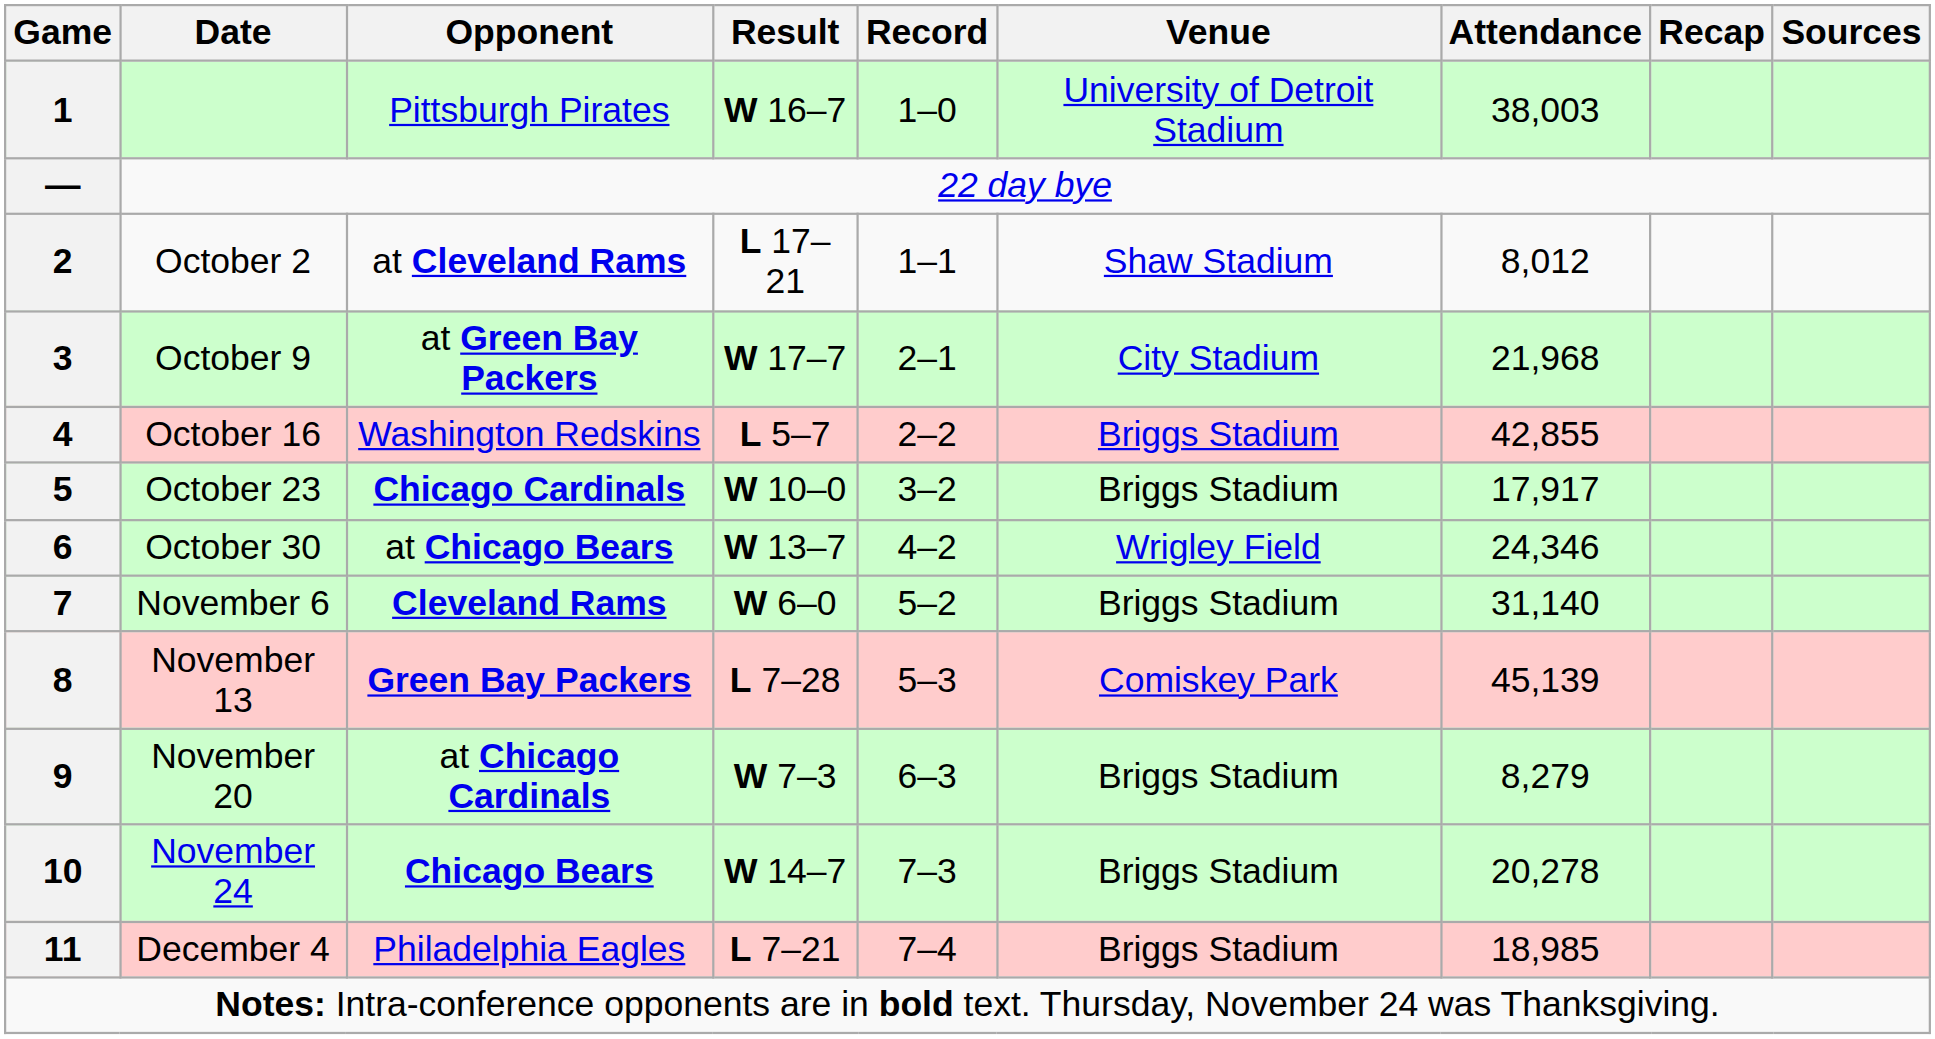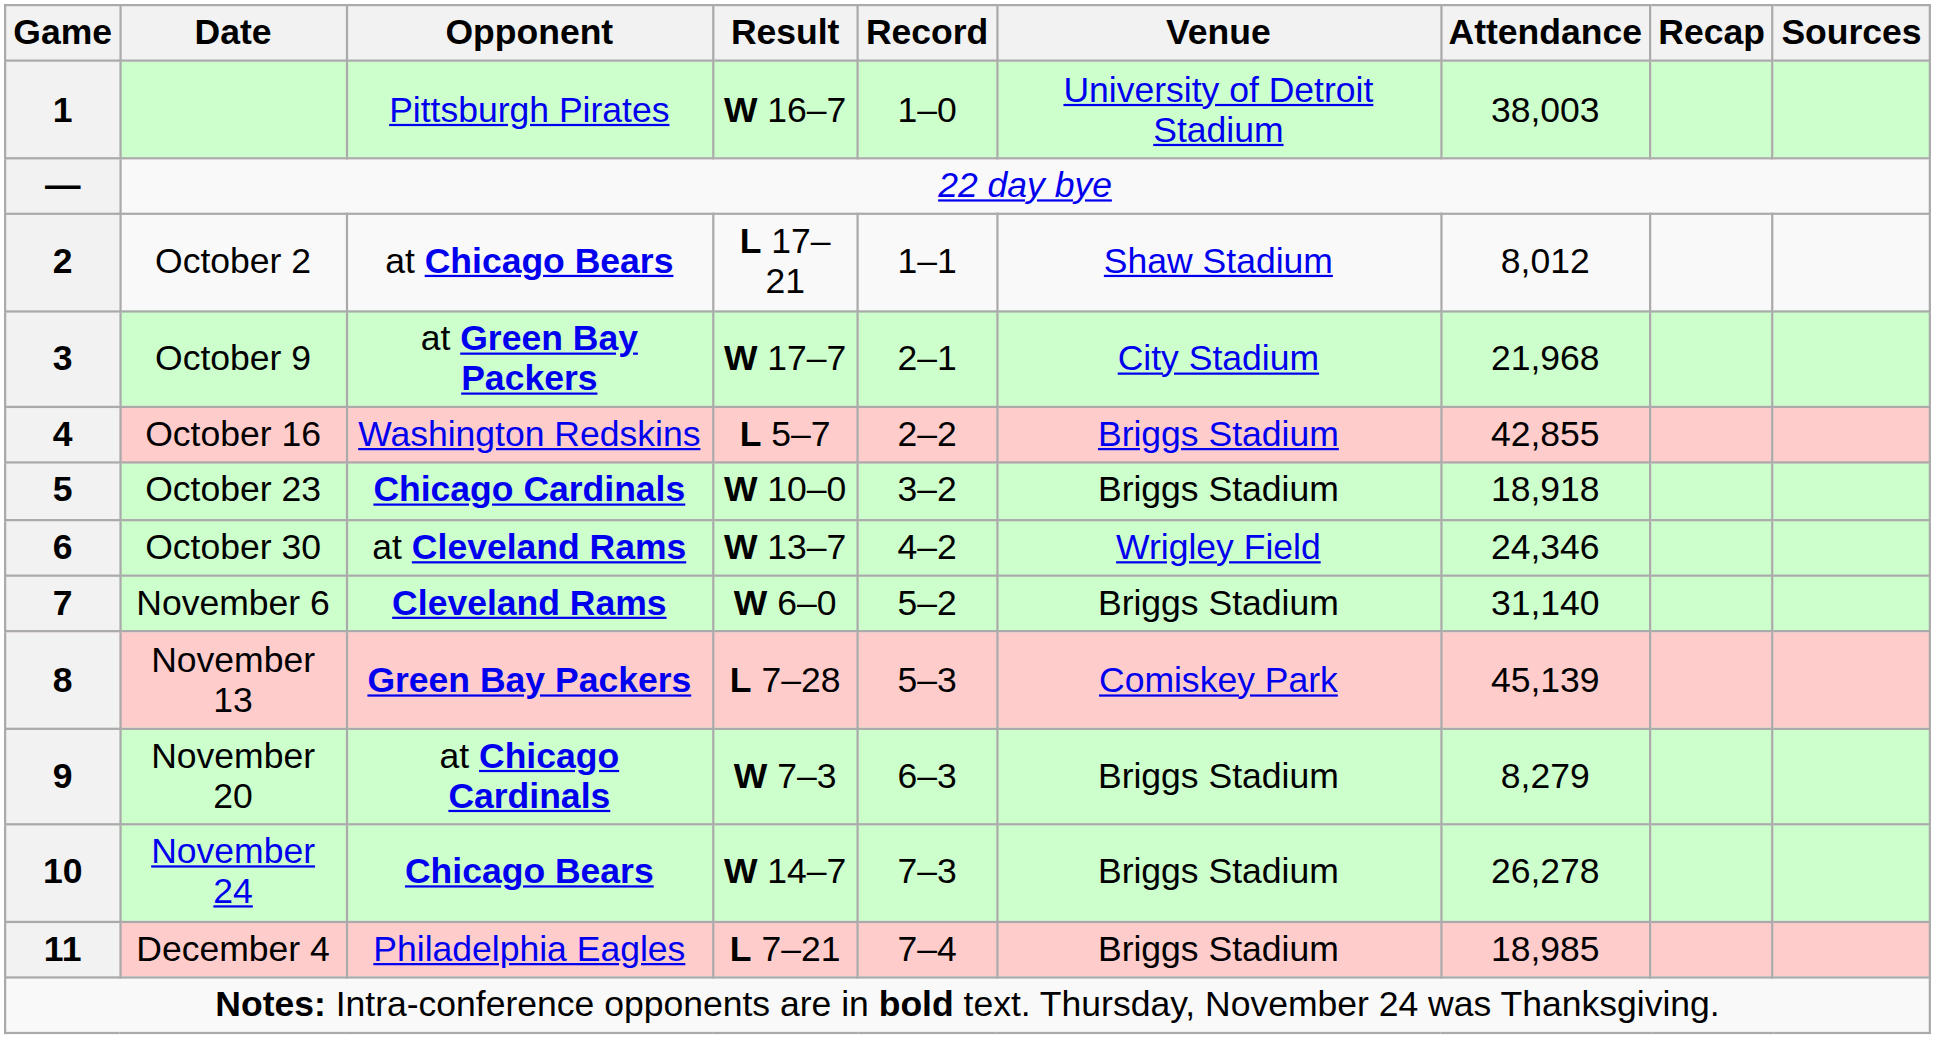 <table class="wikitable" style="text-align:center">
 <tr>
 <th>Game</th>
 <th>Date</th>
 <th>Opponent</th>
 <th>Result</th>
 <th>Record</th>
 <th>Venue</th>
 <th>Attendance</th>
 <th>Recap</th>
 <th>Sources</th>
 </tr>
 <tr style="background:#cfc">
 <th>1</th>
 <td></td>
 <td><a href='#'>Pittsburgh Pirates</a></td>
 <td><strong>W</strong> 16–7</td>
 <td>1–0</td>
 <td><a href='#'>University of Detroit Stadium</a></td>
 <td>38,003</td>
 <td></td>
 <td></td>
 </tr>
 <tr>
 <th>—</th>
 <td colspan="8"><em><a href='#'>22 day bye</a></em></td>
 </tr>
 <tr>
 <th>2</th>
 <td>October 2</td>
-<td>at <strong><a href='#'>Cleveland Rams</a></strong></td>
+<td>at <strong><a href='#'>Chicago Bears</a></strong></td>
 <td><strong>L</strong> 17–21</td>
 <td>1–1</td>
 <td><a href='#'>Shaw Stadium</a></td>
 <td>8,012</td>
 <td></td>
 <td></td>
 </tr>
 <tr style="background:#cfc">
 <th>3</th>
 <td>October 9</td>
 <td>at <strong><a href='#'>Green Bay Packers</a></strong></td>
 <td><strong>W</strong> 17–7</td>
 <td>2–1</td>
 <td><a href='#'>City Stadium</a></td>
 <td>21,968</td>
 <td></td>
 <td></td>
 </tr>
 <tr style="background:#fcc">
 <th>4</th>
 <td>October 16</td>
 <td><a href='#'>Washington Redskins</a></td>
 <td><strong>L</strong> 5–7</td>
 <td>2–2</td>
 <td><a href='#'>Briggs Stadium</a></td>
 <td>42,855</td>
 <td></td>
 <td></td>
 </tr>
 <tr style="background:#cfc">
 <th>5</th>
 <td>October 23</td>
 <td><strong><a href='#'>Chicago Cardinals</a></strong></td>
 <td><strong>W</strong> 10–0</td>
 <td>3–2</td>
 <td>Briggs Stadium</td>
-<td>17,917</td>
+<td>18,918</td>
 <td></td>
 <td></td>
 </tr>
 <tr style="background:#cfc">
 <th>6</th>
 <td>October 30</td>
-<td>at <strong><a href='#'>Chicago Bears</a></strong></td>
+<td>at <strong><a href='#'>Cleveland Rams</a></strong></td>
 <td><strong>W</strong> 13–7</td>
 <td>4–2</td>
 <td><a href='#'>Wrigley Field</a></td>
 <td>24,346</td>
 <td></td>
 <td></td>
 </tr>
 <tr style="background:#cfc">
 <th>7</th>
 <td>November 6</td>
 <td><strong><a href='#'>Cleveland Rams</a></strong></td>
 <td><strong>W</strong> 6–0</td>
 <td>5–2</td>
 <td>Briggs Stadium</td>
 <td>31,140</td>
 <td></td>
 <td></td>
 </tr>
 <tr style="background:#fcc">
 <th>8</th>
 <td>November 13</td>
 <td><strong><a href='#'>Green Bay Packers</a></strong></td>
 <td><strong>L</strong> 7–28</td>
 <td>5–3</td>
 <td><a href='#'>Comiskey Park</a></td>
 <td>45,139</td>
 <td></td>
 <td></td>
 </tr>
 <tr style="background:#cfc">
 <th>9</th>
 <td>November 20</td>
 <td>at <strong><a href='#'>Chicago Cardinals</a></strong></td>
 <td><strong>W</strong> 7–3</td>
 <td>6–3</td>
 <td>Briggs Stadium</td>
 <td>8,279</td>
 <td></td>
 <td></td>
 </tr>
 <tr style="background:#cfc">
 <th>10</th>
 <td><a href='#'>November 24</a></td>
 <td><strong><a href='#'>Chicago Bears</a></strong></td>
 <td><strong>W</strong> 14–7</td>
 <td>7–3</td>
 <td>Briggs Stadium</td>
-<td>20,278</td>
+<td>26,278</td>
 <td></td>
 <td></td>
 </tr>
 <tr style="background:#fcc">
 <th>11</th>
 <td>December 4</td>
 <td><a href='#'>Philadelphia Eagles</a></td>
 <td><strong>L</strong> 7–21</td>
 <td>7–4</td>
 <td>Briggs Stadium</td>
 <td>18,985</td>
 <td></td>
 <td></td>
 </tr>
 <tr>
 <td colspan="10"><strong>Notes:</strong> Intra-conference opponents are in <strong>bold</strong> text. Thursday, November 24 was Thanksgiving.</td>
 </tr>
 </table>
